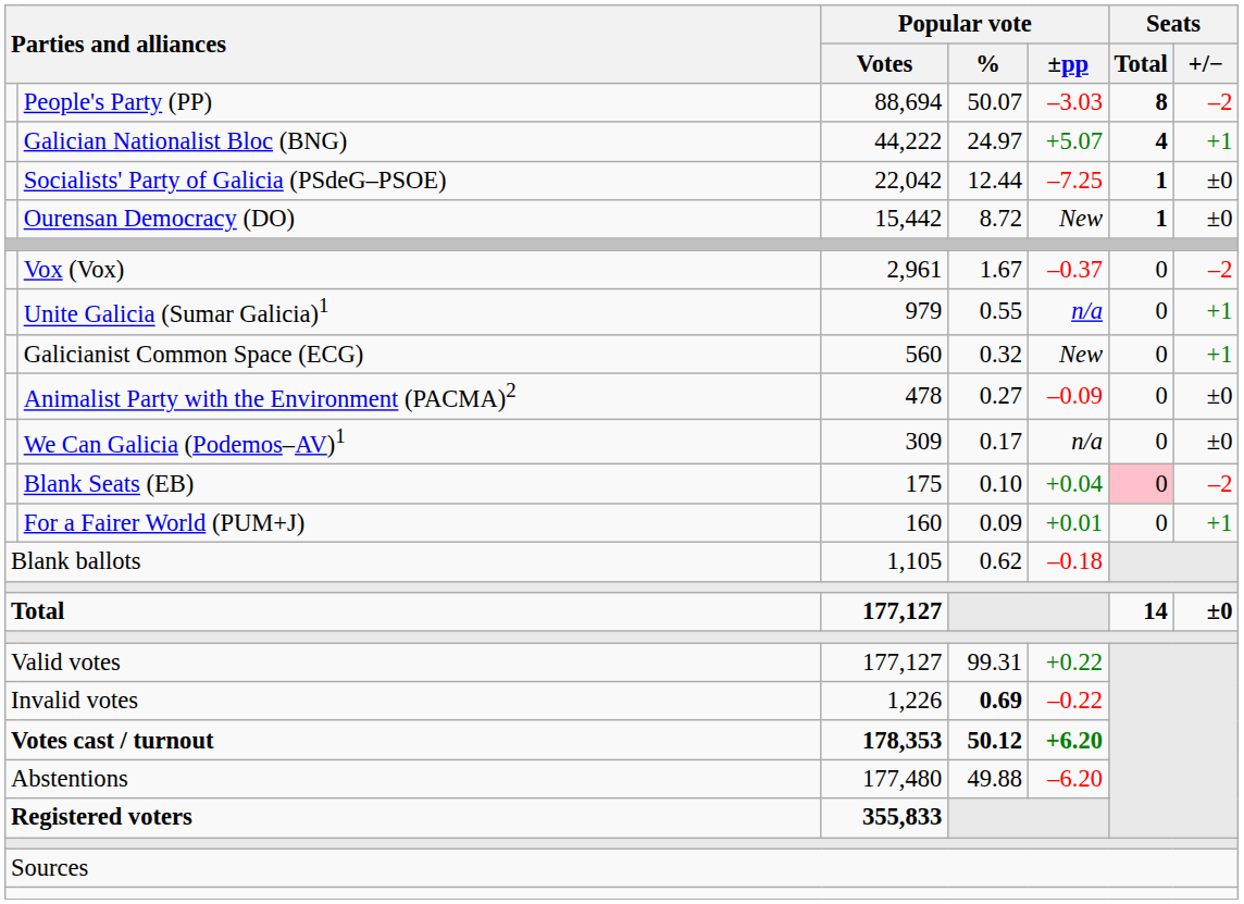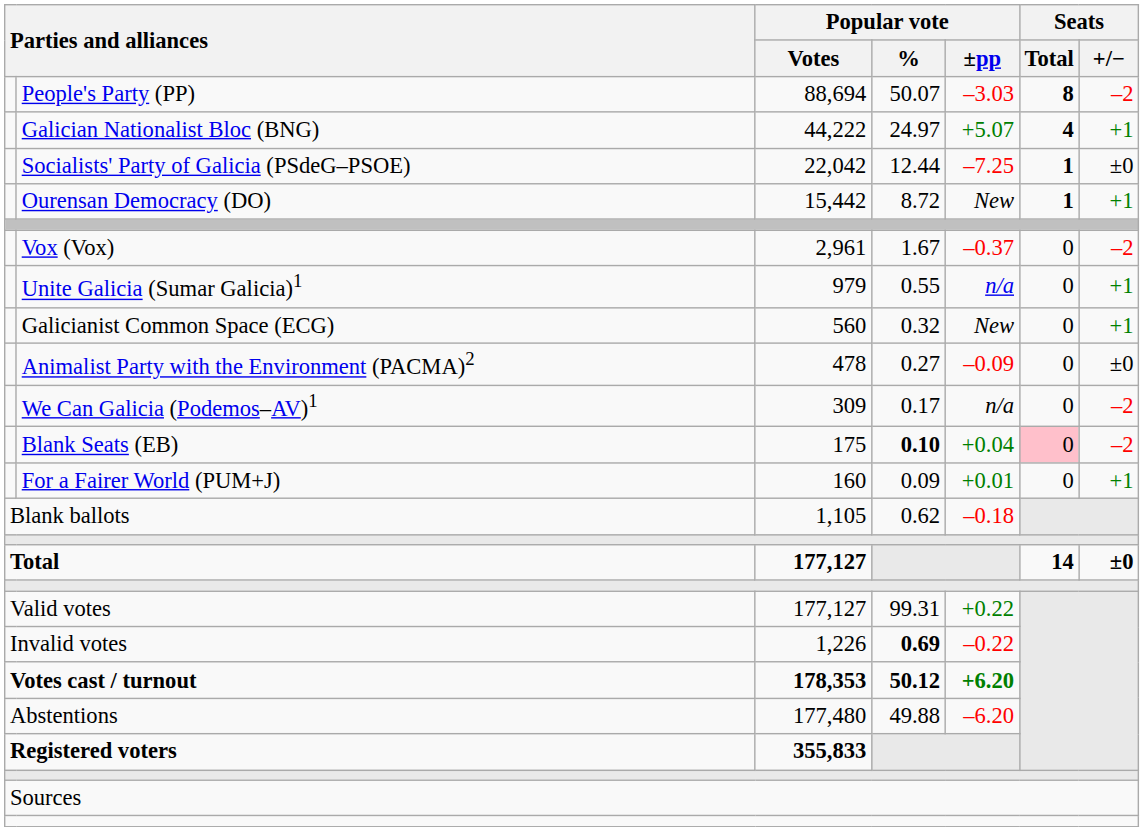 <table class="wikitable" style="text-align:right;">
 <tr>
 <th style="text-align:left;" rowspan="2" colspan="2" width="525">Parties and alliances</th>
 <th colspan="3">Popular vote</th>
 <th colspan="2">Seats</th>
 </tr>
 <tr>
 <th width="75">Votes</th>
 <th width="45">%</th>
 <th width="45">±<a href='#'>pp</a></th>
 <th width="35">Total</th>
 <th width="35">+/−</th>
 </tr>
 <tr>
 <td width="1" style="color:inherit;background:"></td>
 <td align="left"><a href='#'>People's Party</a> (PP)</td>
 <td>88,694</td>
 <td>50.07</td>
 <td style="color:red;">–3.03</td>
 <td><strong>8</strong></td>
 <td style="color:red;">–2</td>
 </tr>
 <tr>
 <td style="color:inherit;background:"></td>
 <td align="left"><a href='#'>Galician Nationalist Bloc</a> (BNG)</td>
 <td>44,222</td>
 <td>24.97</td>
 <td style="color:green;">+5.07</td>
 <td><strong>4</strong></td>
 <td style="color:green;">+1</td>
 </tr>
 <tr>
 <td style="color:inherit;background:"></td>
 <td align="left"><a href='#'>Socialists' Party of Galicia</a> (PSdeG–PSOE)</td>
 <td>22,042</td>
 <td>12.44</td>
 <td style="color:red;">–7.25</td>
 <td><strong>1</strong></td>
 <td>±0</td>
 </tr>
 <tr>
 <td style="color:inherit;background:"></td>
 <td align="left"><a href='#'>Ourensan Democracy</a> (DO)</td>
 <td>15,442</td>
 <td>8.72</td>
 <td><em>New</em></td>
 <td><strong>1</strong></td>
-<td>±0</td>
+<td style="color:green;">+1</td>
 </tr>
 <tr>
 <td colspan="7" bgcolor="#C0C0C0"></td>
 </tr>
 <tr>
 <td style="color:inherit;background:"></td>
 <td align="left"><a href='#'>Vox</a> (Vox)</td>
 <td>2,961</td>
 <td>1.67</td>
 <td style="color:red;">–0.37</td>
 <td>0</td>
 <td style="color:red;">–2</td>
 </tr>
 <tr>
 <td style="color:inherit;background:"></td>
 <td align="left"><a href='#'>Unite Galicia</a> (Sumar Galicia)<sup>1</sup></td>
 <td>979</td>
 <td>0.55</td>
 <td><em><a href='#'>n/a</a></em></td>
 <td>0</td>
 <td style="color:green;">+1</td>
 </tr>
 <tr>
 <td style="color:inherit;background:"></td>
 <td align="left">Galicianist Common Space (ECG)</td>
 <td>560</td>
 <td>0.32</td>
 <td><em>New</em></td>
 <td>0</td>
 <td style="color:green;">+1</td>
 </tr>
 <tr>
 <td style="color:inherit;background:"></td>
 <td align="left"><a href='#'>Animalist Party with the Environment</a> (PACMA)<sup>2</sup></td>
 <td>478</td>
 <td>0.27</td>
 <td style="color:red;">–0.09</td>
 <td>0</td>
 <td>±0</td>
 </tr>
 <tr>
 <td style="color:inherit;background:"></td>
 <td align="left"><a href='#'>We Can Galicia</a> (<a href='#'>Podemos</a>–<a href='#'>AV</a>)<sup>1</sup></td>
 <td>309</td>
 <td>0.17</td>
 <td><em>n/a</em></td>
 <td>0</td>
-<td>±0</td>
+<td style="color:red;">–2</td>
 </tr>
 <tr>
 <td style="color:inherit;background:"></td>
 <td align="left"><a href='#'>Blank Seats</a> (EB)</td>
 <td>175</td>
-<td>0.10</td>
+<td><strong>0.10</strong></td>
 <td style="color:green;">+0.04</td>
 <td style="background: pink;">0</td>
 <td style="color:red;">–2</td>
 </tr>
 <tr>
 <td style="color:inherit;background:"></td>
 <td align="left"><a href='#'>For a Fairer World</a> (PUM+J)</td>
 <td>160</td>
 <td>0.09</td>
 <td style="color:green;">+0.01</td>
 <td>0</td>
 <td style="color:green;">+1</td>
 </tr>
 <tr>
 <td align="left" colspan="2">Blank ballots</td>
 <td>1,105</td>
 <td>0.62</td>
 <td style="color:red;">–0.18</td>
 <td bgcolor="#E9E9E9" colspan="2"></td>
 </tr>
 <tr>
 <td colspan="7" bgcolor="#E9E9E9"></td>
 </tr>
 <tr style="font-weight:bold;">
 <td align="left" colspan="2">Total</td>
 <td>177,127</td>
 <td bgcolor="#E9E9E9" colspan="2"></td>
 <td>14</td>
 <td>±0</td>
 </tr>
 <tr>
 <td colspan="7" bgcolor="#E9E9E9"></td>
 </tr>
 <tr>
 <td align="left" colspan="2">Valid votes</td>
 <td>177,127</td>
 <td>99.31</td>
 <td style="color:green;">+0.22</td>
 <td bgcolor="#E9E9E9" colspan="2" rowspan="5"></td>
 </tr>
 <tr>
 <td align="left" colspan="2">Invalid votes</td>
 <td>1,226</td>
 <td><strong>0.69</strong></td>
 <td style="color:red;">–0.22</td>
 </tr>
 <tr style="font-weight:bold;">
 <td align="left" colspan="2">Votes cast / turnout</td>
 <td>178,353</td>
 <td>50.12</td>
 <td style="color:green;">+6.20</td>
 </tr>
 <tr>
 <td align="left" colspan="2">Abstentions</td>
 <td>177,480</td>
 <td>49.88</td>
 <td style="color:red;">–6.20</td>
 </tr>
 <tr style="font-weight:bold;">
 <td align="left" colspan="2">Registered voters</td>
 <td>355,833</td>
 <td bgcolor="#E9E9E9" colspan="2"></td>
 </tr>
 <tr>
 <td colspan="7" bgcolor="#E9E9E9"></td>
 </tr>
 <tr>
 <td align="left" colspan="7">Sources</td>
 </tr>
 <tr>
 <td colspan="7" style="text-align:left; max-width:790px;"></td>
 </tr>
 </table>
